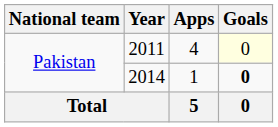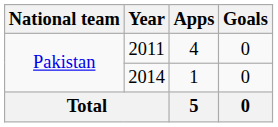 <table class="wikitable" style="text-align:center">
 <tr>
 <th>National team</th>
 <th>Year</th>
 <th>Apps</th>
 <th>Goals</th>
 </tr>
 <tr>
 <td rowspan="2"><a href='#'>Pakistan</a></td>
 <td>2011</td>
 <td>4</td>
-<td style="background: lightyellow;">0</td>
+<td>0</td>
 </tr>
 <tr>
 <td>2014</td>
 <td>1</td>
-<td><strong>0</strong></td>
+<td>0</td>
 </tr>
 <tr>
 <th colspan="2">Total</th>
 <th>5</th>
 <th>0</th>
 </tr>
 </table>
